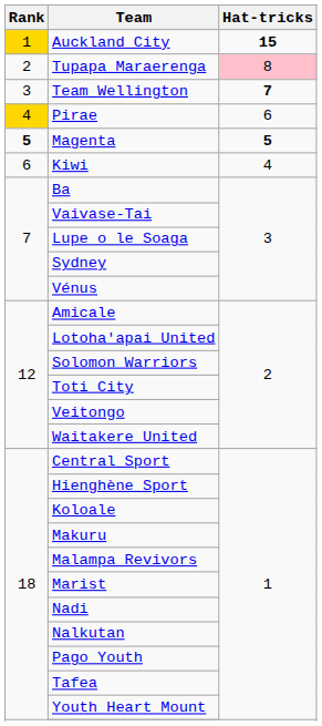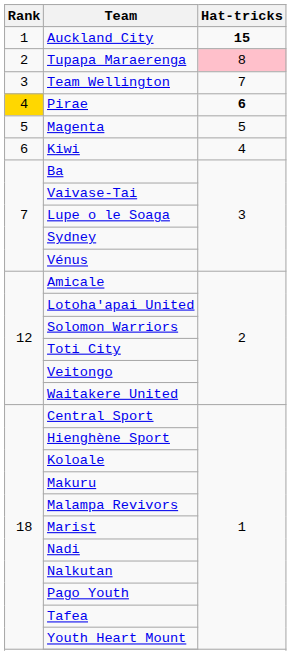 <table class="wikitable plainrowheaders" style="text-align:center;">
 <tr>
 <th>Rank</th>
 <th>Team</th>
 <th>Hat-tricks</th>
 </tr>
 <tr>
-<td style="background: gold;">1</td>
+<td>1</td>
 <td align=left> <a href='#'>Auckland City</a></td>
 <td><strong>15</strong></td>
 </tr>
 <tr>
 <td>2</td>
 <td align=left> <a href='#'>Tupapa Maraerenga</a></td>
 <td style="background: pink;">8</td>
 </tr>
 <tr>
 <td rowspan=1>3</td>
 <td align=left> <a href='#'>Team Wellington</a></td>
-<td rowspan=1><strong>7</strong></td>
+<td rowspan=1>7</td>
 </tr>
 <tr>
 <td style="background: gold;">4</td>
 <td align=left> <a href='#'>Pirae</a></td>
-<td>6</td>
+<td><strong>6</strong></td>
 </tr>
 <tr>
-<td><strong>5</strong></td>
+<td>5</td>
 <td align=left> <a href='#'>Magenta</a></td>
-<td><strong>5</strong></td>
+<td>5</td>
 </tr>
 <tr>
 <td>6</td>
 <td align=left> <a href='#'>Kiwi</a></td>
 <td>4</td>
 </tr>
 <tr>
 <td rowspan=5>7</td>
 <td align=left> <a href='#'>Ba</a></td>
 <td rowspan=5>3</td>
 </tr>
 <tr>
 <td align=left> <a href='#'>Vaivase-Tai</a></td>
 </tr>
 <tr>
 <td align=left> <a href='#'>Lupe o le Soaga</a></td>
 </tr>
 <tr>
 <td align=left> <a href='#'>Sydney</a></td>
 </tr>
 <tr>
 <td align=left> <a href='#'>Vénus</a></td>
 </tr>
 <tr>
 <td rowspan=6>12</td>
 <td align=left> <a href='#'>Amicale</a></td>
 <td rowspan=6>2</td>
 </tr>
 <tr>
 <td align=left> <a href='#'>Lotoha'apai United</a></td>
 </tr>
 <tr>
 <td align=left> <a href='#'>Solomon Warriors</a></td>
 </tr>
 <tr>
 <td align=left> <a href='#'>Toti City</a></td>
 </tr>
 <tr>
 <td align=left> <a href='#'>Veitongo</a></td>
 </tr>
 <tr>
 <td align=left> <a href='#'>Waitakere United</a></td>
 </tr>
 <tr>
 <td rowspan=20>18</td>
 <td align=left> <a href='#'>Central Sport</a></td>
 <td rowspan=20>1</td>
 </tr>
 <tr>
 <td align=left> <a href='#'>Hienghène Sport</a></td>
 </tr>
 <tr>
 <td align=left> <a href='#'>Koloale</a></td>
 </tr>
 <tr>
 <td align=left> <a href='#'>Makuru</a></td>
 </tr>
 <tr>
 <td align=left> <a href='#'>Malampa Revivors</a></td>
 </tr>
 <tr>
 <td align=left> <a href='#'>Marist</a></td>
 </tr>
 <tr>
 <td align=left> <a href='#'>Nadi</a></td>
 </tr>
 <tr>
 <td align=left> <a href='#'>Nalkutan</a></td>
 </tr>
 <tr>
 <td align=left> <a href='#'>Pago Youth</a></td>
 </tr>
 <tr>
 <td align=left> <a href='#'>Tafea</a></td>
 </tr>
 <tr>
 <td align=left> <a href='#'>Youth Heart Mount</a></td>
 </tr>
 <tr>
 </tr>
 </table>
